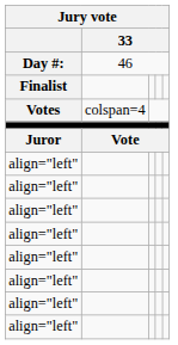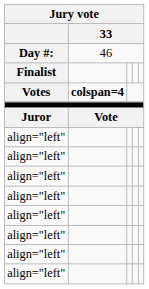 <table class="wikitable" style="text-align:center;">
 <tr>
 <th colspan=5>Jury vote</th>
 </tr>
 <tr>
 <th></th>
 <th colspan=4>33</th>
 </tr>
 <tr>
 <th>Day #:</th>
 <td colspan=4>46</td>
 </tr>
 <tr>
 <th>Finalist</th>
 <td></td>
 <td></td>
 <td></td>
 <td></td>
 </tr>
 <tr>
 <th>Votes</th>
-<td>colspan=4 </td>
+<td><strong>colspan=4 </strong></td>
 </tr>
 <tr>
 <td bgcolor=black colspan=5></td>
 </tr>
 <tr>
 <th>Juror</th>
 <th colspan=5>Vote</th>
 </tr>
 <tr>
 <td>align="left" </td>
 <td></td>
 <td></td>
 <td></td>
 <td></td>
 </tr>
 <tr>
 <td>align="left" </td>
 <td></td>
 <td></td>
 <td></td>
 <td></td>
 </tr>
 <tr>
 <td>align="left" </td>
 <td></td>
 <td></td>
 <td></td>
 <td></td>
 </tr>
 <tr>
 <td>align="left" </td>
 <td></td>
 <td></td>
 <td></td>
 <td></td>
 </tr>
 <tr>
 <td>align="left" </td>
 <td></td>
 <td></td>
 <td></td>
 <td></td>
 </tr>
 <tr>
 <td>align="left" </td>
 <td></td>
 <td></td>
 <td></td>
 <td></td>
 </tr>
 <tr>
 <td>align="left" </td>
 <td></td>
 <td></td>
 <td></td>
 <td></td>
 </tr>
 <tr>
 <td>align="left" </td>
 <td></td>
 <td></td>
 <td></td>
 <td></td>
 </tr>
 </table>
